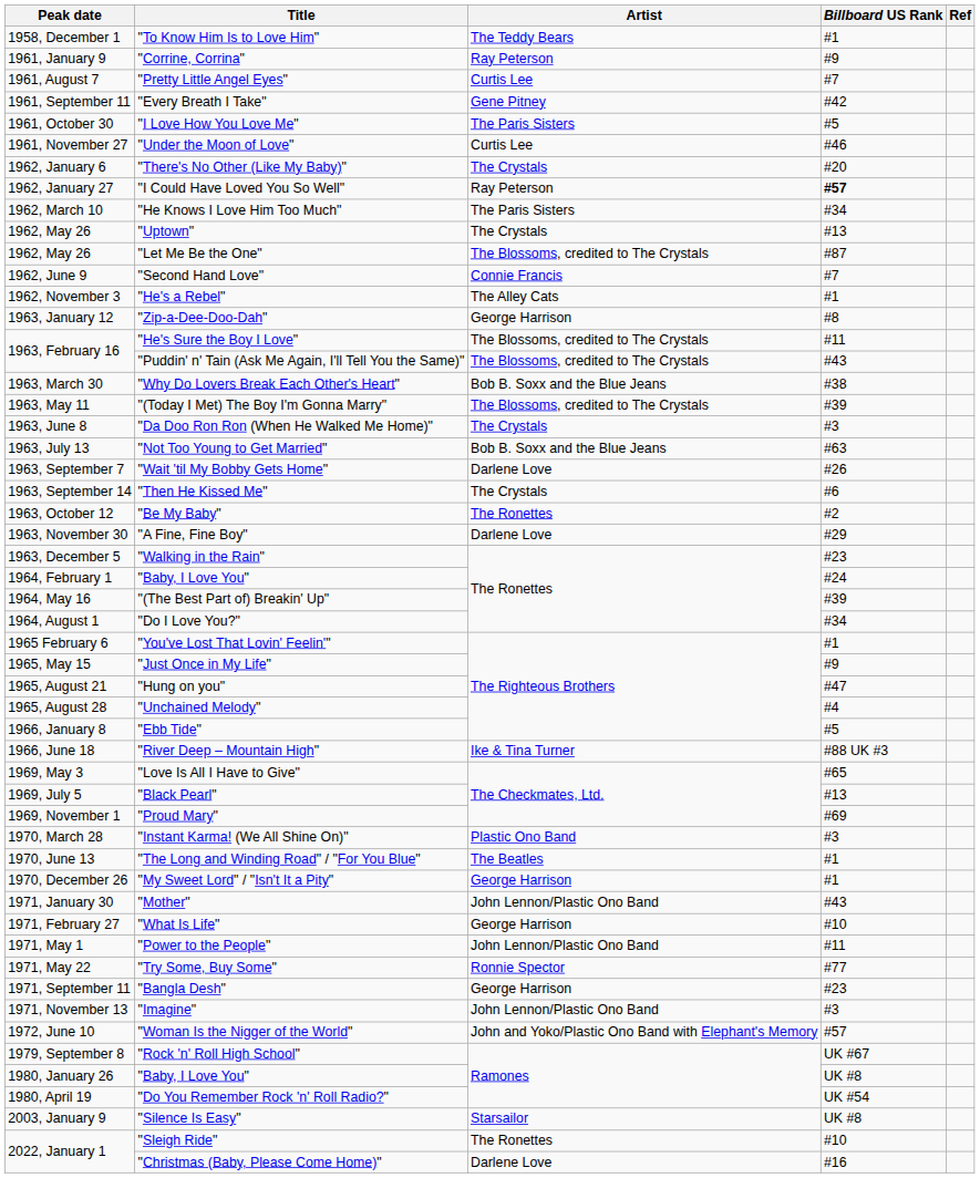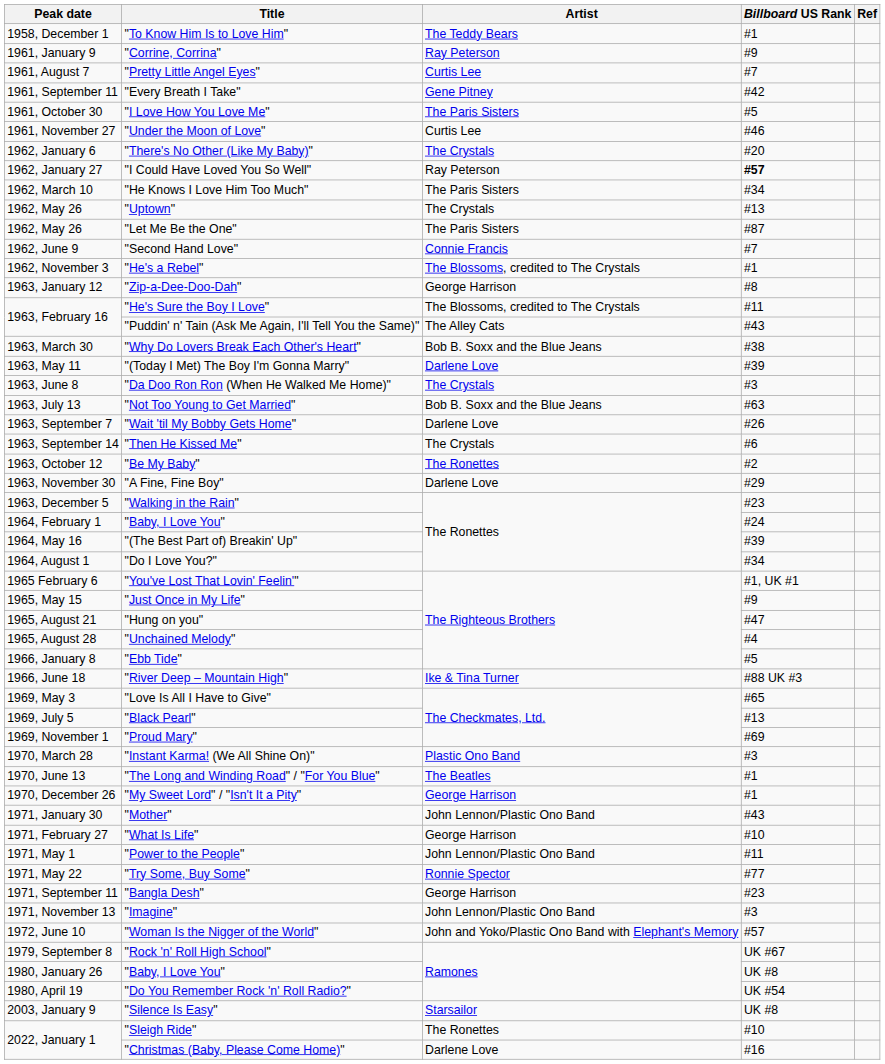 <table class="wikitable sortable">
 <tr>
 <th>Peak date</th>
 <th>Title</th>
 <th>Artist</th>
 <th><em>Billboard</em> US Rank</th>
 <th class="unsortable">Ref</th>
 </tr>
 <tr>
 <td>1958, December 1</td>
 <td>"<a href='#'>To Know Him Is to Love Him</a>"</td>
 <td><a href='#'>The Teddy Bears</a></td>
 <td>#1</td>
 <td></td>
 </tr>
 <tr>
 <td>1961, January 9</td>
 <td>"<a href='#'>Corrine, Corrina</a>"</td>
 <td><a href='#'>Ray Peterson</a></td>
 <td>#9</td>
 <td></td>
 </tr>
 <tr>
 <td>1961, August 7</td>
 <td>"<a href='#'>Pretty Little Angel Eyes</a>"</td>
 <td><a href='#'>Curtis Lee</a></td>
 <td>#7</td>
 <td></td>
 </tr>
 <tr>
 <td>1961, September 11</td>
 <td>"Every Breath I Take"</td>
 <td><a href='#'>Gene Pitney</a></td>
 <td>#42</td>
 <td></td>
 </tr>
 <tr>
 <td>1961, October 30</td>
 <td>"<a href='#'>I Love How You Love Me</a>"</td>
 <td><a href='#'>The Paris Sisters</a></td>
 <td>#5</td>
 <td></td>
 </tr>
 <tr>
 <td>1961, November 27</td>
 <td>"<a href='#'>Under the Moon of Love</a>"</td>
 <td>Curtis Lee</td>
 <td>#46</td>
 <td></td>
 </tr>
 <tr>
 <td>1962, January 6</td>
 <td>"<a href='#'>There's No Other (Like My Baby)</a>"</td>
 <td><a href='#'>The Crystals</a></td>
 <td>#20</td>
 <td></td>
 </tr>
 <tr>
 <td>1962, January 27</td>
 <td>"I Could Have Loved You So Well"</td>
 <td>Ray Peterson</td>
 <td><strong>#57</strong></td>
 <td></td>
 </tr>
 <tr>
 <td>1962, March 10</td>
 <td>"He Knows I Love Him Too Much"</td>
 <td>The Paris Sisters</td>
 <td>#34</td>
 <td></td>
 </tr>
 <tr>
 <td>1962, May 26</td>
 <td>"<a href='#'>Uptown</a>"</td>
 <td>The Crystals</td>
 <td>#13</td>
 <td></td>
 </tr>
 <tr>
 <td>1962, May 26</td>
 <td>"Let Me Be the One"</td>
-<td><a href='#'>The Blossoms</a>, credited to The Crystals</td>
+<td>The Paris Sisters</td>
 <td>#87</td>
 <td></td>
 </tr>
 <tr>
 <td>1962, June 9</td>
 <td>"Second Hand Love"</td>
 <td><a href='#'>Connie Francis</a></td>
 <td>#7</td>
 <td></td>
 </tr>
 <tr>
 <td>1962, November 3</td>
 <td>"<a href='#'>He's a Rebel</a>"</td>
-<td>The Alley Cats</td>
+<td><a href='#'>The Blossoms</a>, credited to The Crystals</td>
 <td>#1</td>
 <td></td>
 </tr>
 <tr>
 <td>1963, January 12</td>
 <td>"<a href='#'>Zip-a-Dee-Doo-Dah</a>"</td>
 <td>George Harrison</td>
 <td>#8</td>
 <td></td>
 </tr>
 <tr>
 <td rowspan="2">1963, February 16</td>
 <td>"<a href='#'>He's Sure the Boy I Love</a>"</td>
 <td>The Blossoms, credited to The Crystals</td>
 <td>#11</td>
 <td></td>
 </tr>
 <tr>
 <td>"Puddin' n' Tain (Ask Me Again, I'll Tell You the Same)"</td>
-<td><a href='#'>The Blossoms</a>, credited to The Crystals</td>
+<td>The Alley Cats</td>
 <td>#43</td>
 <td></td>
 </tr>
 <tr>
 <td>1963, March 30</td>
 <td>"<a href='#'>Why Do Lovers Break Each Other's Heart</a>"</td>
 <td>Bob B. Soxx and the Blue Jeans</td>
 <td>#38</td>
 <td></td>
 </tr>
 <tr>
 <td>1963, May 11</td>
 <td>"(Today I Met) The Boy I'm Gonna Marry"</td>
-<td><a href='#'>The Blossoms</a>, credited to The Crystals</td>
+<td><a href='#'>Darlene Love</a></td>
 <td>#39</td>
 <td></td>
 </tr>
 <tr>
 <td>1963, June 8</td>
 <td>"<a href='#'>Da Doo Ron Ron</a> (When He Walked Me Home)"</td>
 <td><a href='#'>The Crystals</a></td>
 <td>#3</td>
 <td></td>
 </tr>
 <tr>
 <td>1963, July 13</td>
 <td>"<a href='#'>Not Too Young to Get Married</a>"</td>
 <td>Bob B. Soxx and the Blue Jeans</td>
 <td>#63</td>
 <td></td>
 </tr>
 <tr>
 <td>1963, September 7</td>
 <td>"<a href='#'>Wait 'til My Bobby Gets Home</a>"</td>
 <td>Darlene Love</td>
 <td>#26</td>
 <td></td>
 </tr>
 <tr>
 <td>1963, September 14</td>
 <td>"<a href='#'>Then He Kissed Me</a>"</td>
 <td>The Crystals</td>
 <td>#6</td>
 <td></td>
 </tr>
 <tr>
 <td>1963, October 12</td>
 <td>"<a href='#'>Be My Baby</a>"</td>
 <td><a href='#'>The Ronettes</a></td>
 <td>#2</td>
 <td></td>
 </tr>
 <tr>
 <td>1963, November 30</td>
 <td>"A Fine, Fine Boy"</td>
 <td>Darlene Love</td>
 <td>#29</td>
 <td></td>
 </tr>
 <tr>
 <td>1963, December 5</td>
 <td>"<a href='#'>Walking in the Rain</a>"</td>
 <td rowspan="4">The Ronettes</td>
 <td>#23</td>
 <td></td>
 </tr>
 <tr>
 <td>1964, February 1</td>
 <td>"<a href='#'>Baby, I Love You</a>"</td>
 <td>#24</td>
 <td></td>
 </tr>
 <tr>
 <td>1964, May 16</td>
 <td>"(The Best Part of) Breakin' Up"</td>
 <td>#39</td>
 <td></td>
 </tr>
 <tr>
 <td>1964, August 1</td>
 <td>"Do I Love You?"</td>
 <td>#34</td>
 <td></td>
 </tr>
 <tr>
 <td>1965 February 6</td>
 <td>"<a href='#'>You've Lost That Lovin' Feelin'</a>"</td>
 <td rowspan="5"><a href='#'>The Righteous Brothers</a></td>
-<td>#1</td>
+<td>#1, UK #1</td>
 <td></td>
 </tr>
 <tr>
 <td>1965, May 15</td>
 <td>"<a href='#'>Just Once in My Life</a>"</td>
 <td>#9</td>
 <td></td>
 </tr>
 <tr>
 <td>1965, August 21</td>
 <td>"Hung on you"</td>
 <td>#47</td>
 <td></td>
 </tr>
 <tr>
 <td>1965, August 28</td>
 <td>"<a href='#'>Unchained Melody</a>"</td>
 <td>#4</td>
 <td></td>
 </tr>
 <tr>
 <td>1966, January 8</td>
 <td>"<a href='#'>Ebb Tide</a>"</td>
 <td>#5</td>
 <td></td>
 </tr>
 <tr>
 <td>1966, June 18</td>
 <td>"<a href='#'>River Deep – Mountain High</a>"</td>
 <td><a href='#'>Ike & Tina Turner</a></td>
 <td>#88 UK #3</td>
 <td></td>
 </tr>
 <tr>
 <td>1969, May 3</td>
 <td>"Love Is All I Have to Give"</td>
 <td rowspan="3"><a href='#'>The Checkmates, Ltd.</a></td>
 <td>#65</td>
 <td></td>
 </tr>
 <tr>
 <td>1969, July 5</td>
 <td>"<a href='#'>Black Pearl</a>"</td>
 <td>#13</td>
 <td></td>
 </tr>
 <tr>
 <td>1969, November 1</td>
 <td>"<a href='#'>Proud Mary</a>"</td>
 <td>#69</td>
 <td></td>
 </tr>
 <tr>
 <td>1970, March 28</td>
 <td>"<a href='#'>Instant Karma!</a> (We All Shine On)"</td>
 <td><a href='#'>Plastic Ono Band</a></td>
 <td>#3</td>
 <td></td>
 </tr>
 <tr>
 <td>1970, June 13</td>
 <td>"<a href='#'>The Long and Winding Road</a>" / "<a href='#'>For You Blue</a>"</td>
 <td><a href='#'>The Beatles</a></td>
 <td>#1</td>
 <td></td>
 </tr>
 <tr>
 <td>1970, December 26</td>
 <td>"<a href='#'>My Sweet Lord</a>" / "<a href='#'>Isn't It a Pity</a>"</td>
 <td><a href='#'>George Harrison</a></td>
 <td>#1</td>
 <td></td>
 </tr>
 <tr>
 <td>1971, January 30</td>
 <td>"<a href='#'>Mother</a>"</td>
 <td>John Lennon/Plastic Ono Band</td>
 <td>#43</td>
 <td></td>
 </tr>
 <tr>
 <td>1971, February 27</td>
 <td>"<a href='#'>What Is Life</a>"</td>
 <td>George Harrison</td>
 <td>#10</td>
 <td></td>
 </tr>
 <tr>
 <td>1971, May 1</td>
 <td>"<a href='#'>Power to the People</a>"</td>
 <td>John Lennon/Plastic Ono Band</td>
 <td>#11</td>
 <td></td>
 </tr>
 <tr>
 <td>1971, May 22</td>
 <td>"<a href='#'>Try Some, Buy Some</a>"</td>
 <td><a href='#'>Ronnie Spector</a></td>
 <td>#77</td>
 <td></td>
 </tr>
 <tr>
 <td>1971, September 11</td>
 <td>"<a href='#'>Bangla Desh</a>"</td>
 <td>George Harrison</td>
 <td>#23</td>
 <td></td>
 </tr>
 <tr>
 <td>1971, November 13</td>
 <td>"<a href='#'>Imagine</a>"</td>
 <td>John Lennon/Plastic Ono Band</td>
 <td>#3</td>
 <td></td>
 </tr>
 <tr>
 <td>1972, June 10</td>
 <td>"<a href='#'>Woman Is the Nigger of the World</a>"</td>
 <td>John and Yoko/Plastic Ono Band with <a href='#'>Elephant's Memory</a></td>
 <td>#57</td>
 <td></td>
 </tr>
 <tr>
 <td>1979, September 8</td>
 <td>"<a href='#'>Rock 'n' Roll High School</a>"</td>
 <td rowspan="3"><a href='#'>Ramones</a></td>
 <td>UK #67</td>
 <td></td>
 </tr>
 <tr>
 <td>1980, January 26</td>
 <td>"<a href='#'>Baby, I Love You</a>"</td>
 <td>UK #8</td>
 <td></td>
 </tr>
 <tr>
 <td>1980, April 19</td>
 <td>"<a href='#'>Do You Remember Rock 'n' Roll Radio?</a>"</td>
 <td>UK #54</td>
 <td></td>
 </tr>
 <tr>
 <td>2003, January 9</td>
 <td>"<a href='#'>Silence Is Easy</a>"</td>
 <td><a href='#'>Starsailor</a></td>
 <td>UK #8</td>
 <td></td>
 </tr>
 <tr>
 <td rowspan="2">2022, January 1</td>
 <td>"<a href='#'>Sleigh Ride</a>"</td>
 <td>The Ronettes</td>
 <td>#10</td>
 <td></td>
 </tr>
 <tr>
 <td>"<a href='#'>Christmas (Baby, Please Come Home)</a>"</td>
 <td>Darlene Love</td>
 <td>#16</td>
 <td></td>
 </tr>
 </table>
